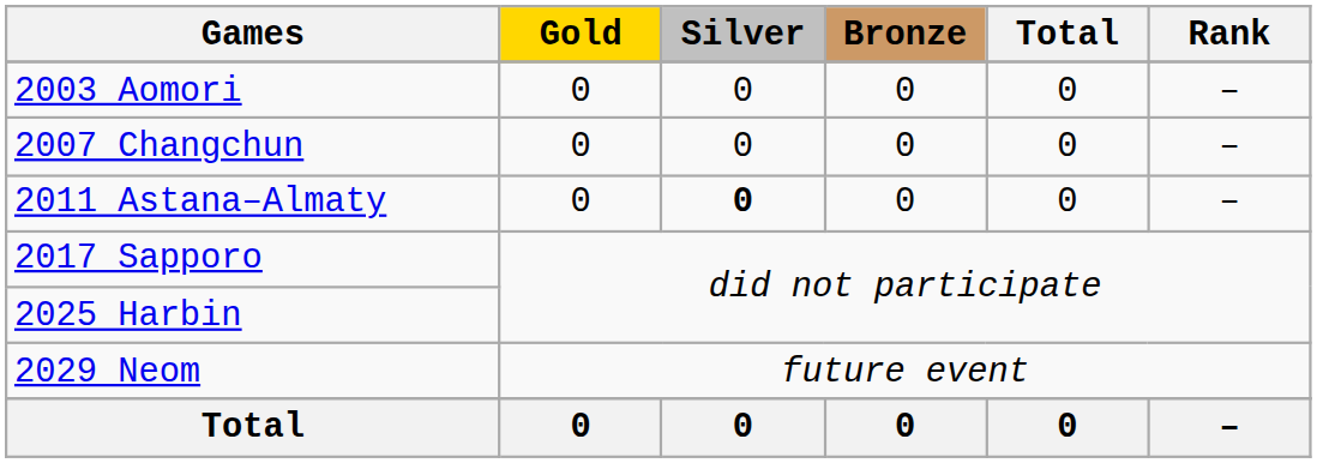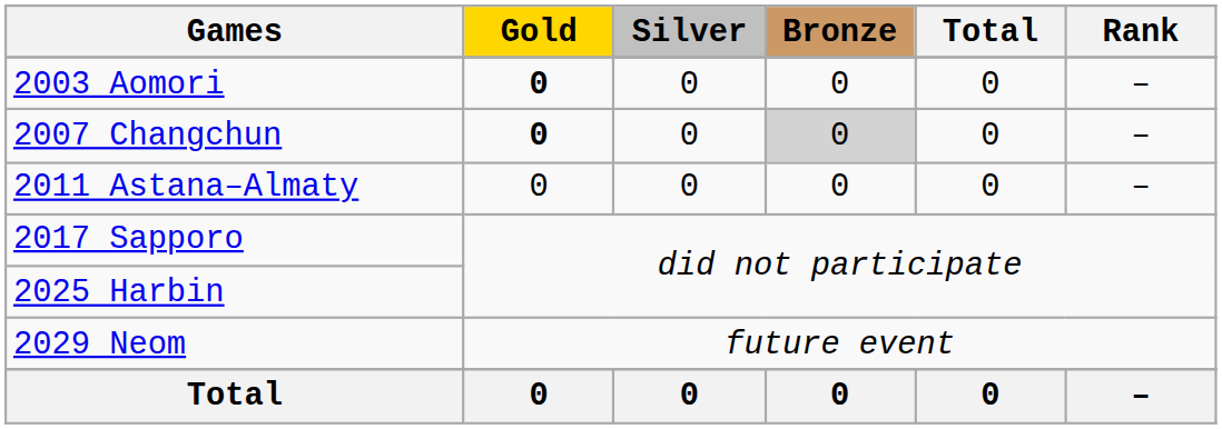 <table class="wikitable sortable" style="text-align:center;">
 <tr>
 <th width=180>Games</th>
 <th scope="col" style="background:gold; width:55px;">Gold</th>
 <th scope="col" style="background:silver; width:55px;">Silver</th>
 <th scope="col" style="background:#cc9966; width:55px;">Bronze</th>
 <th width=55>Total</th>
 <th width=55>Rank</th>
 </tr>
 <tr>
 </tr>
 <tr class="sortbottom">
 <td align=left> <a href='#'>2003 Aomori</a></td>
-<td>0</td>
+<td><strong>0</strong></td>
 <td>0</td>
 <td>0</td>
 <td>0</td>
 <td>–</td>
 </tr>
 <tr>
 <td align=left> <a href='#'>2007 Changchun</a></td>
+<td><strong>0</strong></td>
 <td>0</td>
-<td>0</td>
-<td>0</td>
+<td style="background: lightgrey;">0</td>
 <td>0</td>
 <td>–</td>
 </tr>
 <tr>
 <td align=left> <a href='#'>2011 Astana–Almaty</a></td>
 <td>0</td>
-<td><strong>0</strong></td>
+<td>0</td>
 <td>0</td>
 <td>0</td>
 <td>–</td>
 </tr>
 <tr>
 <td align=left> <a href='#'>2017 Sapporo</a></td>
 <td colspan=5 rowspan="2"><em>did not participate</em></td>
 </tr>
 <tr>
 <td align=left> <a href='#'>2025 Harbin</a></td>
 </tr>
 <tr>
 <td align=left> <a href='#'>2029 Neom</a></td>
 <td colspan=5><em>future event</em></td>
 </tr>
 <tr>
 </tr>
 <tr class="sortbottom">
 <th>Total</th>
 <th>0</th>
 <th>0</th>
 <th>0</th>
 <th>0</th>
 <th>–</th>
 </tr>
 </table>
